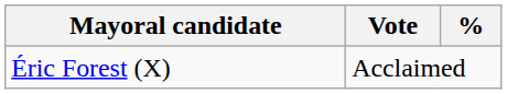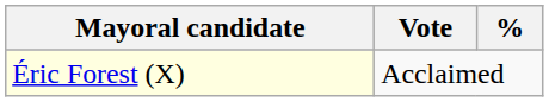 <table class="wikitable">
 <tr>
 <th bgcolor="#DDDDFF" width="200px">Mayoral candidate</th>
 <th bgcolor="#DDDDFF" width="50px">Vote</th>
 <th bgcolor="#DDDDFF"  width="30px">%</th>
 </tr>
 <tr>
-<td><a href='#'>Éric Forest</a> (X)</td>
+<td style="background: lightyellow;"><a href='#'>Éric Forest</a> (X)</td>
 <td colspan="2">Acclaimed</td>
 </tr>
 </table>
